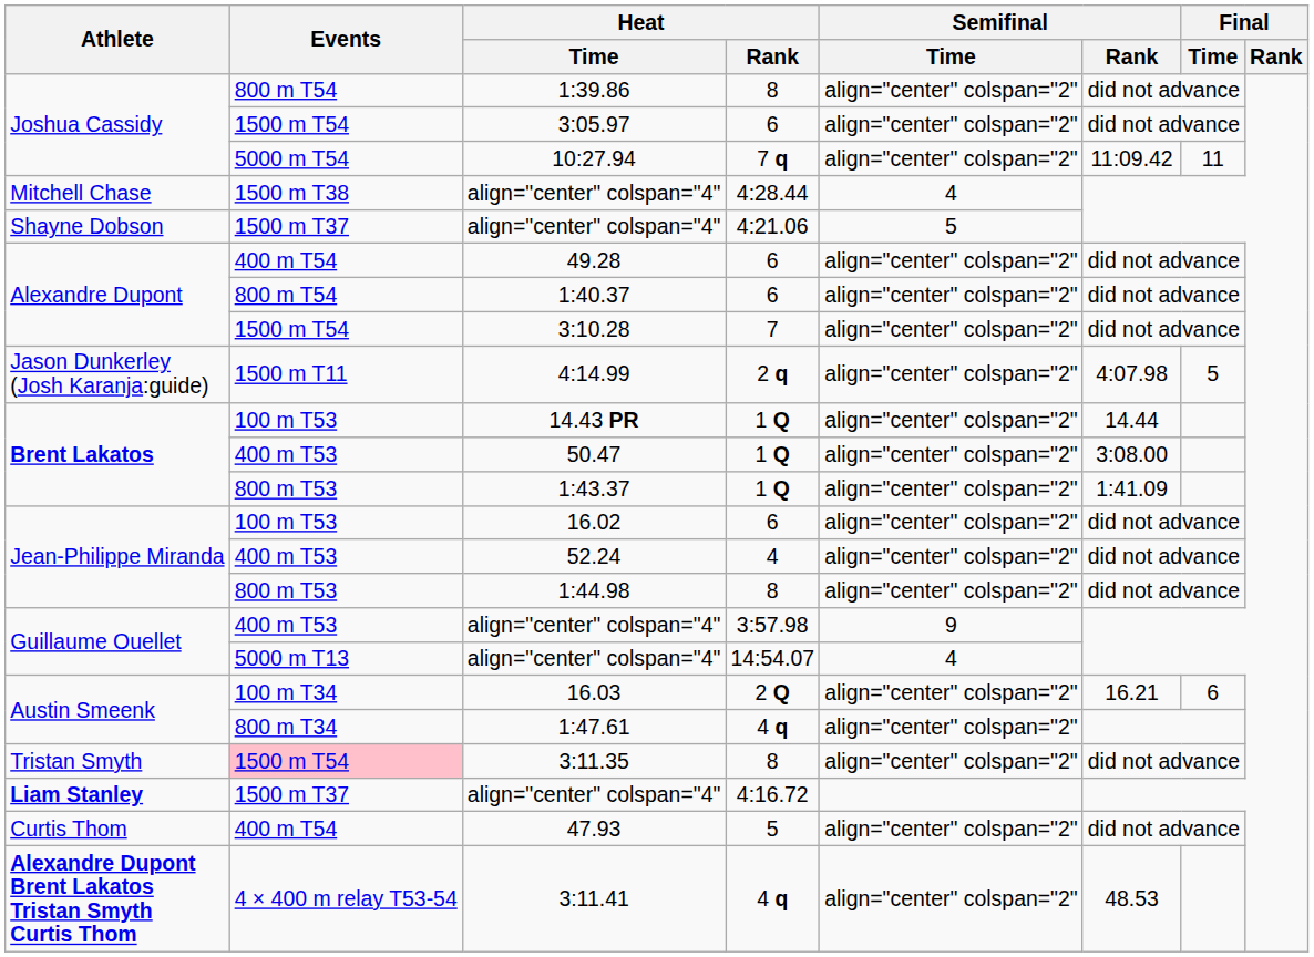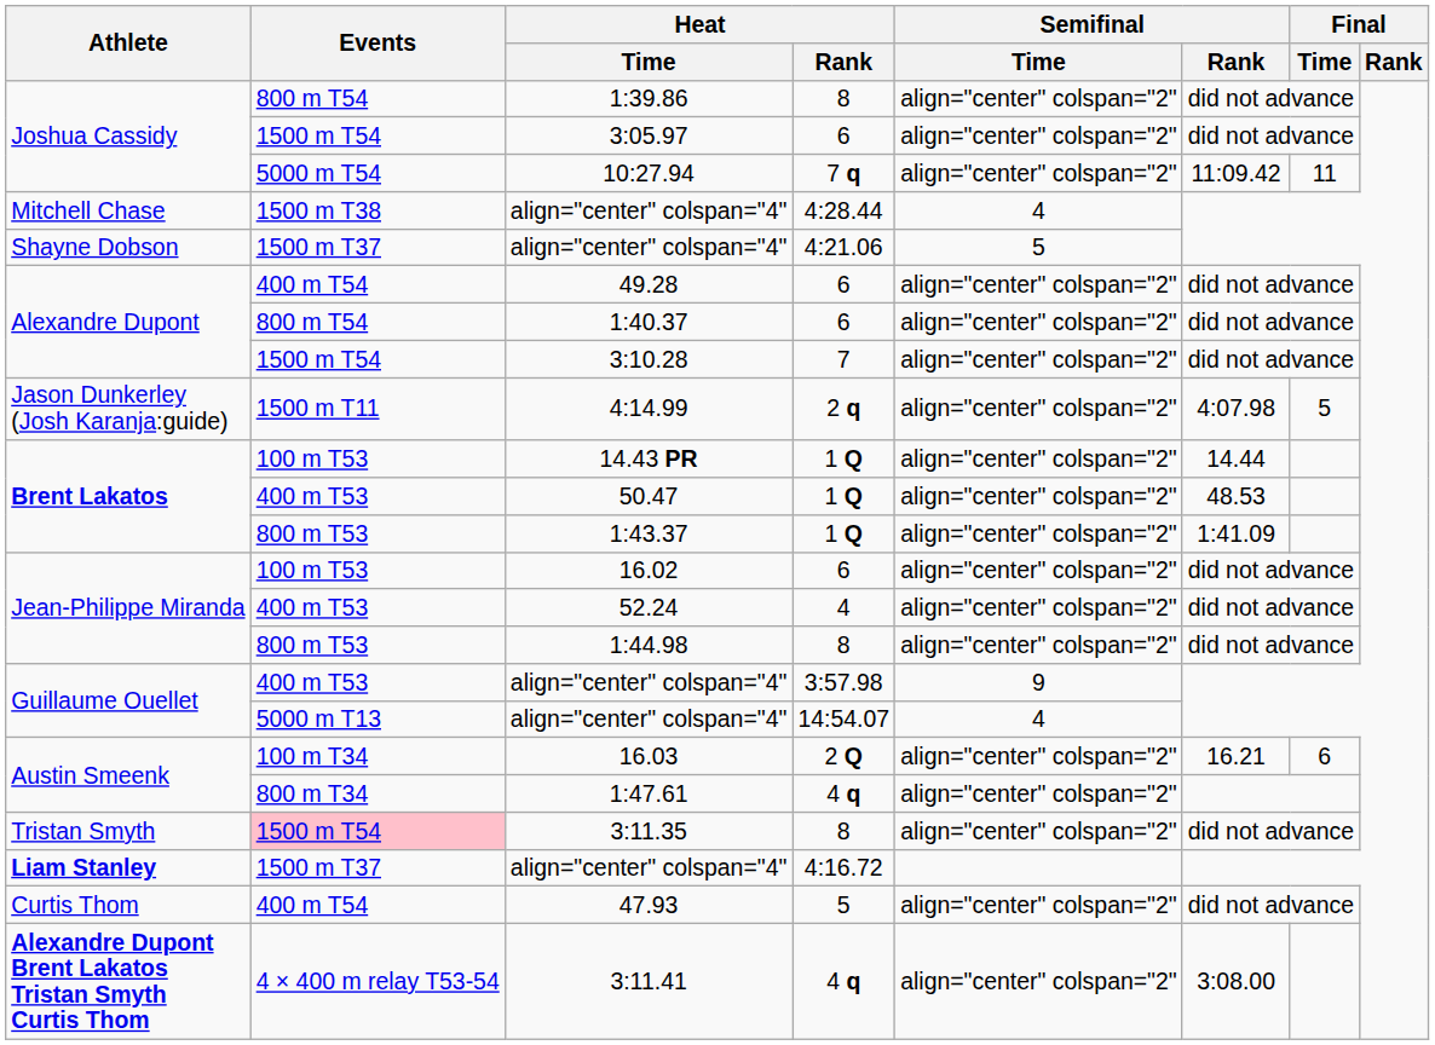 <table class=wikitable style="font-size:90%">
 <tr>
 <th rowspan="2">Athlete</th>
 <th rowspan="2">Events</th>
 <th colspan="2">Heat</th>
 <th colspan="2">Semifinal</th>
 <th colspan="2">Final</th>
 </tr>
 <tr>
 <th>Time</th>
 <th>Rank</th>
 <th>Time</th>
 <th>Rank</th>
 <th>Time</th>
 <th>Rank</th>
 </tr>
 <tr>
 <td rowspan="3"><a href='#'>Joshua Cassidy</a></td>
 <td><a href='#'>800 m T54</a></td>
 <td align="center">1:39.86</td>
 <td align="center">8</td>
 <td>align="center" colspan="2" </td>
 <td align="center" colspan="2">did not advance</td>
 </tr>
 <tr>
 <td><a href='#'>1500 m T54</a></td>
 <td align="center">3:05.97</td>
 <td align="center">6</td>
 <td>align="center" colspan="2" </td>
 <td align="center" colspan="2">did not advance</td>
 </tr>
 <tr>
 <td><a href='#'>5000 m T54</a></td>
 <td align="center">10:27.94</td>
 <td align="center">7 <strong>q</strong></td>
 <td>align="center" colspan="2" </td>
 <td align="center">11:09.42</td>
 <td align="center">11</td>
 </tr>
 <tr>
 <td><a href='#'>Mitchell Chase</a></td>
 <td><a href='#'>1500 m T38</a></td>
 <td>align="center" colspan="4" </td>
 <td align="center">4:28.44</td>
 <td align="center">4</td>
 </tr>
 <tr>
 <td><a href='#'>Shayne Dobson</a></td>
 <td><a href='#'>1500 m T37</a></td>
 <td>align="center" colspan="4" </td>
 <td align="center">4:21.06</td>
 <td align="center">5</td>
 </tr>
 <tr>
 <td rowspan="3"><a href='#'>Alexandre Dupont</a></td>
 <td><a href='#'>400 m T54</a></td>
 <td align="center">49.28</td>
 <td align="center">6</td>
 <td>align="center" colspan="2" </td>
 <td align="center" colspan="2">did not advance</td>
 </tr>
 <tr>
 <td><a href='#'>800 m T54</a></td>
 <td align="center">1:40.37</td>
 <td align="center">6</td>
 <td>align="center" colspan="2" </td>
 <td align="center" colspan="2">did not advance</td>
 </tr>
 <tr>
 <td><a href='#'>1500 m T54</a></td>
 <td align="center">3:10.28</td>
 <td align="center">7</td>
 <td>align="center" colspan="2" </td>
 <td align="center" colspan="2">did not advance</td>
 </tr>
 <tr>
 <td><a href='#'>Jason Dunkerley</a><br>(<a href='#'>Josh Karanja</a>:guide)</td>
 <td><a href='#'>1500 m T11</a></td>
 <td align="center">4:14.99</td>
 <td align="center">2 <strong>q</strong></td>
 <td>align="center" colspan="2" </td>
 <td align="center">4:07.98</td>
 <td align="center">5</td>
 </tr>
 <tr>
 <td rowspan="3"><strong><a href='#'>Brent Lakatos</a></strong></td>
 <td><a href='#'>100 m T53</a></td>
 <td align="center">14.43 <strong>PR</strong></td>
 <td align="center">1 <strong>Q</strong></td>
 <td>align="center" colspan="2" </td>
 <td align="center">14.44</td>
 <td align="center"></td>
 </tr>
 <tr>
 <td><a href='#'>400 m T53</a></td>
 <td align="center">50.47</td>
 <td align="center">1 <strong>Q</strong></td>
 <td>align="center" colspan="2" </td>
-<td align="center">3:08.00</td>
+<td align="center">48.53</td>
 <td align="center"></td>
 </tr>
 <tr>
 <td><a href='#'>800 m T53</a></td>
 <td align="center">1:43.37</td>
 <td align="center">1 <strong>Q</strong></td>
 <td>align="center" colspan="2" </td>
 <td align="center">1:41.09</td>
 <td align="center"></td>
 </tr>
 <tr>
 <td rowspan="3"><a href='#'>Jean-Philippe Miranda</a></td>
 <td><a href='#'>100 m T53</a></td>
 <td align="center">16.02</td>
 <td align="center">6</td>
 <td>align="center" colspan="2" </td>
 <td align="center" colspan="2">did not advance</td>
 </tr>
 <tr>
 <td><a href='#'>400 m T53</a></td>
 <td align="center">52.24</td>
 <td align="center">4</td>
 <td>align="center" colspan="2" </td>
 <td align="center" colspan="2">did not advance</td>
 </tr>
 <tr>
 <td><a href='#'>800 m T53</a></td>
 <td align="center">1:44.98</td>
 <td align="center">8</td>
 <td>align="center" colspan="2" </td>
 <td align="center" colspan="2">did not advance</td>
 </tr>
 <tr>
 <td rowspan="2"><a href='#'>Guillaume Ouellet</a></td>
 <td><a href='#'>400 m T53</a></td>
 <td>align="center" colspan="4" </td>
 <td align="center">3:57.98</td>
 <td align="center">9</td>
 </tr>
 <tr>
 <td><a href='#'>5000 m T13</a></td>
 <td>align="center" colspan="4" </td>
 <td align="center">14:54.07</td>
 <td align="center">4</td>
 </tr>
 <tr>
 <td rowspan="2"><a href='#'>Austin Smeenk</a></td>
 <td><a href='#'>100 m T34</a></td>
 <td align="center">16.03</td>
 <td align="center">2 <strong>Q</strong></td>
 <td>align="center" colspan="2" </td>
 <td align="center">16.21</td>
 <td align="center">6</td>
 </tr>
 <tr>
 <td><a href='#'>800 m T34</a></td>
 <td align="center">1:47.61</td>
 <td align="center">4 <strong>q</strong></td>
 <td>align="center" colspan="2" </td>
 <td align="center" colspan="2"></td>
 </tr>
 <tr>
 <td><a href='#'>Tristan Smyth</a></td>
 <td style="background: pink;"><a href='#'>1500 m T54</a></td>
 <td align="center">3:11.35</td>
 <td align="center">8</td>
 <td>align="center" colspan="2" </td>
 <td align="center" colspan="2">did not advance</td>
 </tr>
 <tr>
 <td><strong><a href='#'>Liam Stanley</a></strong></td>
 <td><a href='#'>1500 m T37</a></td>
 <td>align="center" colspan="4" </td>
 <td align="center">4:16.72</td>
 <td align="center"></td>
 </tr>
 <tr>
 <td><a href='#'>Curtis Thom</a></td>
 <td><a href='#'>400 m T54</a></td>
 <td align="center">47.93</td>
 <td align="center">5</td>
 <td>align="center" colspan="2" </td>
 <td align="center" colspan="2">did not advance</td>
 </tr>
 <tr>
 <td><strong><a href='#'>Alexandre Dupont</a></strong><br><strong><a href='#'>Brent Lakatos</a></strong><br><strong><a href='#'>Tristan Smyth</a></strong><br><strong><a href='#'>Curtis Thom</a></strong></td>
 <td><a href='#'>4 × 400 m relay T53-54</a></td>
 <td align="center">3:11.41</td>
 <td align="center">4 <strong>q</strong></td>
 <td>align="center" colspan="2" </td>
-<td align="center">48.53</td>
+<td align="center">3:08.00</td>
 <td align="center"></td>
 </tr>
 </table>
